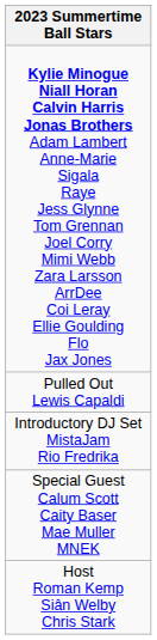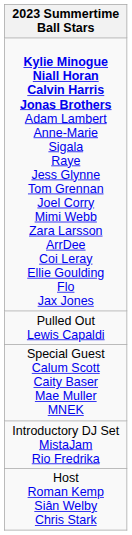 <table class="wikitable">
 <tr>
 <th>2023 Summertime Ball Stars</th>
 </tr>
 <tr>
 <td style="text-align:center; vertical-align:top; width:150px;"><br><strong><a href='#'>Kylie Minogue</a></strong><br><strong><a href='#'>Niall Horan</a></strong><br> <strong><a href='#'>Calvin Harris</a></strong><br> <a href='#'><strong>Jonas Brothers</strong></a><br><a href='#'>Adam Lambert</a><br><a href='#'>Anne-Marie</a><br><a href='#'>Sigala</a><br><a href='#'>Raye</a><br><a href='#'>Jess Glynne</a><br><a href='#'>Tom Grennan</a><br><a href='#'>Joel Corry</a><br><a href='#'>Mimi Webb</a><br><a href='#'>Zara Larsson</a><br><a href='#'>ArrDee</a><br><a href='#'>Coi Leray</a><br><a href='#'>Ellie Goulding</a><br><a href='#'>Flo</a><br><a href='#'>Jax Jones</a></td>
 </tr>
 <tr>
 <td style="text-align:center; vertical-align:top; width:150px;">Pulled Out<br><a href='#'>Lewis Capaldi</a></td>
 </tr>
 <tr>
-<td style="text-align:center; vertical-align:top; width:150px;">Introductory DJ Set<br><a href='#'>MistaJam</a><br><a href='#'>Rio Fredrika</a></td>
+<td style="text-align:center; vertical-align:top; width:150px;">Special Guest<br><a href='#'>Calum Scott</a><br><a href='#'>Caity Baser</a><br> <a href='#'>Mae Muller</a> <br><a href='#'>MNEK</a></td>
 </tr>
 <tr>
-<td style="text-align:center; vertical-align:top; width:150px;">Special Guest<br><a href='#'>Calum Scott</a><br><a href='#'>Caity Baser</a><br> <a href='#'>Mae Muller</a> <br><a href='#'>MNEK</a></td>
+<td style="text-align:center; vertical-align:top; width:150px;">Introductory DJ Set<br><a href='#'>MistaJam</a><br><a href='#'>Rio Fredrika</a></td>
 </tr>
 <tr>
 <td style="text-align:center; vertical-align:top; width:150px;">Host<br><a href='#'>Roman Kemp</a><br><a href='#'>Siân Welby</a><br><a href='#'>Chris Stark</a></td>
 </tr>
 </table>
